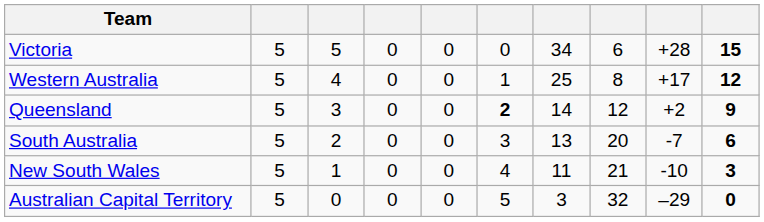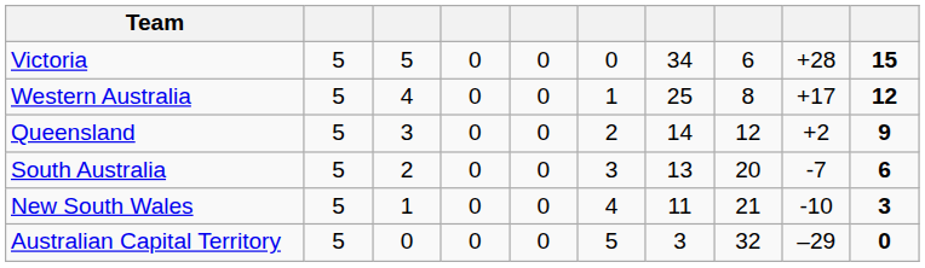 <table class="wikitable" style="text-align:center;">
 <tr>
 <th width=200>Team</th>
 <th width=40></th>
 <th width=40></th>
 <th width=40></th>
 <th width=40></th>
 <th width=40></th>
 <th width=40></th>
 <th width=40></th>
 <th width=40></th>
 <th width=40></th>
 </tr>
 <tr>
 <td style="text-align:left;"><a href='#'>Victoria</a></td>
 <td>5</td>
 <td>5</td>
 <td>0</td>
 <td>0</td>
 <td>0</td>
 <td>34</td>
 <td>6</td>
 <td>+28</td>
 <td><strong>15</strong></td>
 </tr>
 <tr>
 <td style="text-align:left;"><a href='#'>Western Australia</a></td>
 <td>5</td>
 <td>4</td>
 <td>0</td>
 <td>0</td>
 <td>1</td>
 <td>25</td>
 <td>8</td>
 <td>+17</td>
 <td><strong>12</strong></td>
 </tr>
 <tr>
 <td style="text-align:left;"><a href='#'>Queensland</a></td>
 <td>5</td>
 <td>3</td>
 <td>0</td>
 <td>0</td>
-<td><strong>2</strong></td>
+<td>2</td>
 <td>14</td>
 <td>12</td>
 <td>+2</td>
 <td><strong>9</strong></td>
 </tr>
 <tr>
 <td style="text-align:left;"><a href='#'>South Australia</a></td>
 <td>5</td>
 <td>2</td>
 <td>0</td>
 <td>0</td>
 <td>3</td>
 <td>13</td>
 <td>20</td>
 <td>-7</td>
 <td><strong>6</strong></td>
 </tr>
 <tr>
 <td style="text-align:left;"><a href='#'>New South Wales</a></td>
 <td>5</td>
 <td>1</td>
 <td>0</td>
 <td>0</td>
 <td>4</td>
 <td>11</td>
 <td>21</td>
 <td>-10</td>
 <td><strong>3</strong></td>
 </tr>
 <tr>
 <td style="text-align:left;"><a href='#'>Australian Capital Territory</a></td>
 <td>5</td>
 <td>0</td>
 <td>0</td>
 <td>0</td>
 <td>5</td>
 <td>3</td>
 <td>32</td>
 <td>–29</td>
 <td><strong>0</strong></td>
 </tr>
 </table>
